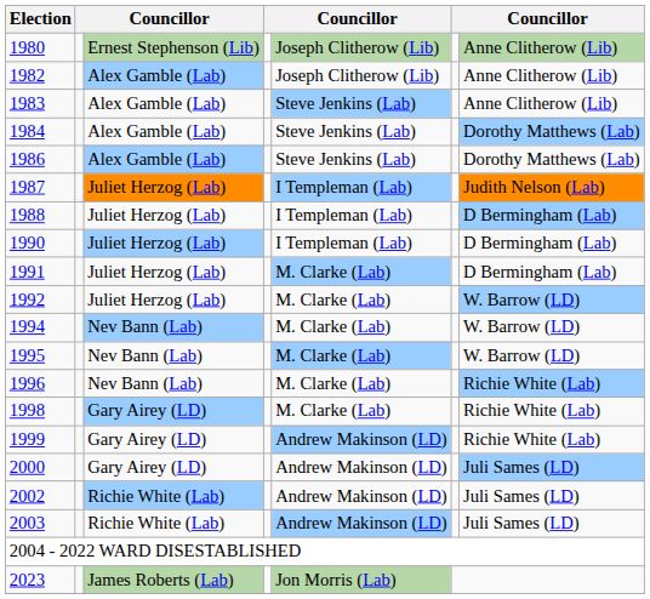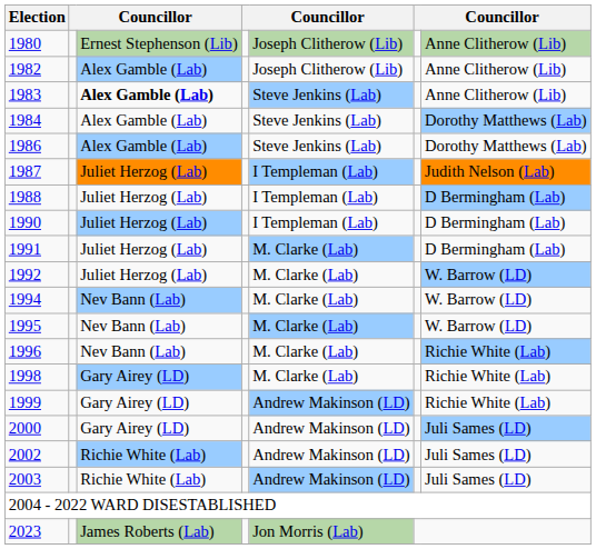 <table class="wikitable">
 <tr>
 <th>Election</th>
 <th colspan="2">Councillor</th>
 <th colspan="2">Councillor</th>
 <th colspan="2">Councillor</th>
 </tr>
 <tr>
 <td><a href='#'>1980</a></td>
 <td style="background-color: "></td>
 <td bgcolor="#B6D7A8">Ernest Stephenson (<a href='#'>Lib</a>)</td>
 <td style="background-color: "></td>
 <td bgcolor="#B6D7A8">Joseph Clitherow (<a href='#'>Lib</a>)</td>
 <td style="background-color: "></td>
 <td bgcolor="#B6D7A8">Anne Clitherow (<a href='#'>Lib</a>)</td>
 </tr>
 <tr>
 <td><a href='#'>1982</a></td>
 <td style="background-color: "></td>
 <td bgcolor="#99CCFF">Alex Gamble (<a href='#'>Lab</a>)</td>
 <td style="background-color: "></td>
 <td>Joseph Clitherow (<a href='#'>Lib</a>)</td>
 <td style="background-color: "></td>
 <td>Anne Clitherow (<a href='#'>Lib</a>)</td>
 </tr>
 <tr>
 <td><a href='#'>1983</a></td>
 <td style="background-color: "></td>
-<td>Alex Gamble (<a href='#'>Lab</a>)</td>
+<td><strong>Alex Gamble (<a href='#'>Lab</a>)</strong></td>
 <td style="background-color: "></td>
 <td bgcolor="#99CCFF">Steve Jenkins (<a href='#'>Lab</a>)</td>
 <td style="background-color: "></td>
 <td>Anne Clitherow (<a href='#'>Lib</a>)</td>
 </tr>
 <tr>
 <td><a href='#'>1984</a></td>
 <td style="background-color: "></td>
 <td>Alex Gamble (<a href='#'>Lab</a>)</td>
 <td style="background-color: "></td>
 <td>Steve Jenkins (<a href='#'>Lab</a>)</td>
 <td style="background-color: "></td>
 <td bgcolor="#99CCFF">Dorothy Matthews (<a href='#'>Lab</a>)</td>
 </tr>
 <tr>
 <td><a href='#'>1986</a></td>
 <td style="background-color: "></td>
 <td bgcolor="#99CCFF">Alex Gamble (<a href='#'>Lab</a>)</td>
 <td style="background-color: "></td>
 <td>Steve Jenkins (<a href='#'>Lab</a>)</td>
 <td style="background-color: "></td>
 <td>Dorothy Matthews (<a href='#'>Lab</a>)</td>
 </tr>
 <tr>
 <td><a href='#'>1987</a></td>
 <td style="background-color: "></td>
 <td bgcolor="#FF8C00">Juliet Herzog (<a href='#'>Lab</a>)</td>
 <td style="background-color: "></td>
 <td bgcolor="#99CCFF">I Templeman (<a href='#'>Lab</a>)</td>
 <td style="background-color: "></td>
 <td bgcolor="#FF8C00">Judith Nelson (<a href='#'>Lab</a>)</td>
 </tr>
 <tr>
 <td><a href='#'>1988</a></td>
 <td style="background-color: "></td>
 <td>Juliet Herzog (<a href='#'>Lab</a>)</td>
 <td style="background-color: "></td>
 <td>I Templeman (<a href='#'>Lab</a>)</td>
 <td style="background-color: "></td>
 <td bgcolor="#99CCFF">D Bermingham (<a href='#'>Lab</a>)</td>
 </tr>
 <tr>
 <td><a href='#'>1990</a></td>
 <td style="background-color: "></td>
 <td bgcolor="#99CCFF">Juliet Herzog (<a href='#'>Lab</a>)</td>
 <td style="background-color: "></td>
 <td>I Templeman (<a href='#'>Lab</a>)</td>
 <td style="background-color: "></td>
 <td>D Bermingham (<a href='#'>Lab</a>)</td>
 </tr>
 <tr>
 <td><a href='#'>1991</a></td>
 <td style="background-color: "></td>
 <td>Juliet Herzog (<a href='#'>Lab</a>)</td>
 <td style="background-color: "></td>
 <td bgcolor="#99CCFF">M. Clarke (<a href='#'>Lab</a>)</td>
 <td style="background-color: "></td>
 <td>D Bermingham (<a href='#'>Lab</a>)</td>
 </tr>
 <tr>
 <td><a href='#'>1992</a></td>
 <td style="background-color: "></td>
 <td>Juliet Herzog (<a href='#'>Lab</a>)</td>
 <td style="background-color: "></td>
 <td>M. Clarke (<a href='#'>Lab</a>)</td>
 <td style="background-color: "></td>
 <td bgcolor="#99CCFF">W. Barrow (<a href='#'>LD</a>)</td>
 </tr>
 <tr>
 <td><a href='#'>1994</a></td>
 <td style="background-color: "></td>
 <td bgcolor="#99CCFF">Nev Bann (<a href='#'>Lab</a>)</td>
 <td style="background-color: "></td>
 <td>M. Clarke (<a href='#'>Lab</a>)</td>
 <td style="background-color: "></td>
 <td>W. Barrow (<a href='#'>LD</a>)</td>
 </tr>
 <tr>
 <td><a href='#'>1995</a></td>
 <td style="background-color: "></td>
 <td>Nev Bann (<a href='#'>Lab</a>)</td>
 <td style="background-color: "></td>
 <td bgcolor="#99CCFF">M. Clarke (<a href='#'>Lab</a>)</td>
 <td style="background-color: "></td>
 <td>W. Barrow (<a href='#'>LD</a>)</td>
 </tr>
 <tr>
 <td><a href='#'>1996</a></td>
 <td style="background-color: "></td>
 <td>Nev Bann (<a href='#'>Lab</a>)</td>
 <td style="background-color: "></td>
 <td>M. Clarke (<a href='#'>Lab</a>)</td>
 <td style="background-color: "></td>
 <td bgcolor="#99CCFF">Richie White (<a href='#'>Lab</a>)</td>
 </tr>
 <tr>
 <td><a href='#'>1998</a></td>
 <td style="background-color: "></td>
 <td bgcolor="#99CCFF">Gary Airey (<a href='#'>LD</a>)</td>
 <td style="background-color: "></td>
 <td>M. Clarke (<a href='#'>Lab</a>)</td>
 <td style="background-color: "></td>
 <td>Richie White (<a href='#'>Lab</a>)</td>
 </tr>
 <tr>
 <td><a href='#'>1999</a></td>
 <td style="background-color: "></td>
 <td>Gary Airey (<a href='#'>LD</a>)</td>
 <td style="background-color: "></td>
 <td bgcolor="#99CCFF">Andrew Makinson (<a href='#'>LD</a>)</td>
 <td style="background-color: "></td>
 <td>Richie White (<a href='#'>Lab</a>)</td>
 </tr>
 <tr>
 <td><a href='#'>2000</a></td>
 <td style="background-color: "></td>
 <td>Gary Airey (<a href='#'>LD</a>)</td>
 <td style="background-color: "></td>
 <td>Andrew Makinson (<a href='#'>LD</a>)</td>
 <td style="background-color: "></td>
 <td bgcolor="#99CCFF">Juli Sames (<a href='#'>LD</a>)</td>
 </tr>
 <tr>
 <td><a href='#'>2002</a></td>
 <td style="background-color: "></td>
 <td bgcolor="#99CCFF">Richie White (<a href='#'>Lab</a>)</td>
 <td style="background-color: "></td>
 <td>Andrew Makinson (<a href='#'>LD</a>)</td>
 <td style="background-color: "></td>
 <td>Juli Sames (<a href='#'>LD</a>)</td>
 </tr>
 <tr>
 <td><a href='#'>2003</a></td>
 <td style="background-color: "></td>
 <td>Richie White (<a href='#'>Lab</a>)</td>
 <td style="background-color: "></td>
 <td bgcolor="#99CCFF">Andrew Makinson (<a href='#'>LD</a>)</td>
 <td style="background-color: "></td>
 <td>Juli Sames (<a href='#'>LD</a>)</td>
 </tr>
 <tr>
 <td colspan="8" bgcolor="#FFF"><div>2004 - 2022 WARD DISESTABLISHED</div></td>
 </tr>
 <tr>
 <td><a href='#'>2023</a></td>
 <td style="background-color: "></td>
 <td bgcolor="#B6D7A8">James Roberts (<a href='#'>Lab</a>)</td>
 <td style="background-color: "></td>
 <td bgcolor="#B6D7A8">Jon Morris (<a href='#'>Lab</a>)</td>
 </tr>
 <tr>
 </tr>
 </table>
